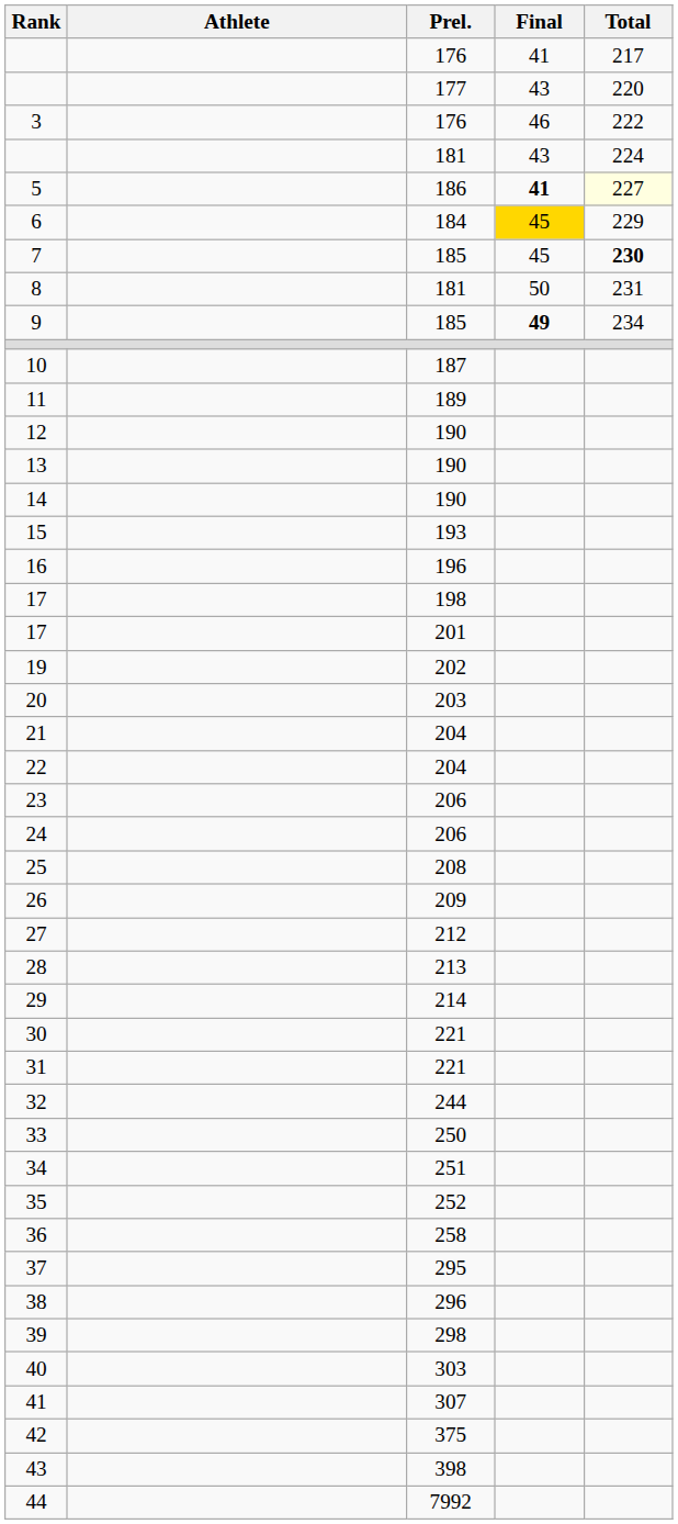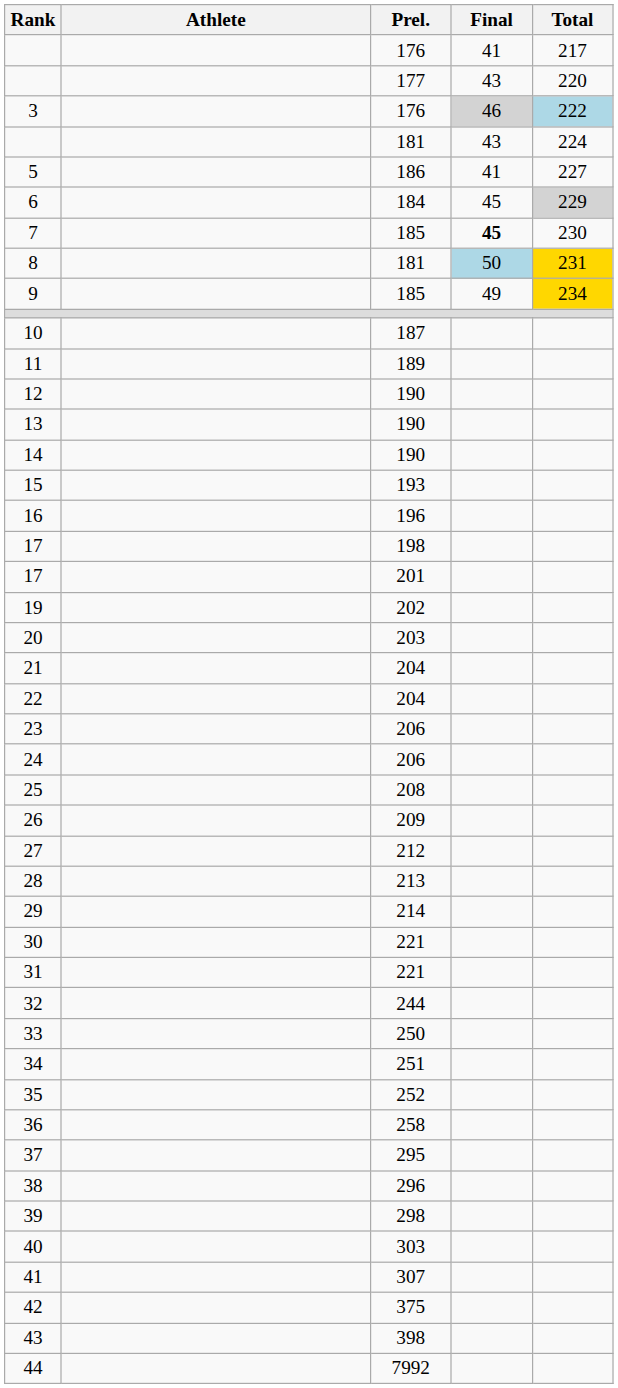 <table class=wikitable style="text-align:center">
 <tr>
 <th width=40>Rank</th>
 <th width=250>Athlete</th>
 <th width=60>Prel.</th>
 <th width=60>Final</th>
 <th width=60>Total</th>
 </tr>
 <tr>
 <td></td>
 <td align=left></td>
 <td>176</td>
 <td>41</td>
 <td>217</td>
 </tr>
 <tr>
 <td></td>
 <td align=left></td>
 <td>177</td>
 <td>43</td>
 <td>220</td>
 </tr>
 <tr>
 <td>3</td>
 <td align=left></td>
 <td>176</td>
-<td>46</td>
-<td>222</td>
+<td style="background: lightgrey;">46</td>
+<td style="background: lightblue;">222</td>
 </tr>
 <tr>
 <td></td>
 <td align=left></td>
 <td>181</td>
 <td>43</td>
 <td>224</td>
 </tr>
 <tr>
 <td>5</td>
 <td align=left></td>
 <td>186</td>
-<td><strong>41</strong></td>
-<td style="background: lightyellow;">227</td>
+<td>41</td>
+<td>227</td>
 </tr>
 <tr>
 <td>6</td>
 <td align=left></td>
 <td>184</td>
-<td style="background: gold;">45</td>
-<td>229</td>
+<td>45</td>
+<td style="background: lightgrey;">229</td>
 </tr>
 <tr>
 <td>7</td>
 <td align=left></td>
 <td>185</td>
-<td>45</td>
-<td><strong>230</strong></td>
+<td><strong>45</strong></td>
+<td>230</td>
 </tr>
 <tr>
 <td>8</td>
 <td align=left></td>
 <td>181</td>
-<td>50</td>
-<td>231</td>
+<td style="background: lightblue;">50</td>
+<td style="background: gold;">231</td>
 </tr>
 <tr>
 <td>9</td>
 <td align=left></td>
 <td>185</td>
-<td><strong>49</strong></td>
-<td>234</td>
+<td>49</td>
+<td style="background: gold;">234</td>
 </tr>
 <tr bgcolor=#DDDDDD>
 <td colspan=5></td>
 </tr>
 <tr>
 <td>10</td>
 <td align=left></td>
 <td>187</td>
 <td></td>
 <td></td>
 </tr>
 <tr>
 <td>11</td>
 <td align=left></td>
 <td>189</td>
 <td></td>
 <td></td>
 </tr>
 <tr>
 <td>12</td>
 <td align=left></td>
 <td>190</td>
 <td></td>
 <td></td>
 </tr>
 <tr>
 <td>13</td>
 <td align=left></td>
 <td>190</td>
 <td></td>
 <td></td>
 </tr>
 <tr>
 <td>14</td>
 <td align=left></td>
 <td>190</td>
 <td></td>
 <td></td>
 </tr>
 <tr>
 <td>15</td>
 <td align=left></td>
 <td>193</td>
 <td></td>
 <td></td>
 </tr>
 <tr>
 <td>16</td>
 <td align=left></td>
 <td>196</td>
 <td></td>
 <td></td>
 </tr>
 <tr>
 <td>17</td>
 <td align=left></td>
 <td>198</td>
 <td></td>
 <td></td>
 </tr>
 <tr>
 <td>17</td>
 <td align=left></td>
 <td>201</td>
 <td></td>
 <td></td>
 </tr>
 <tr>
 <td>19</td>
 <td align=left></td>
 <td>202</td>
 <td></td>
 <td></td>
 </tr>
 <tr>
 <td>20</td>
 <td align=left></td>
 <td>203</td>
 <td></td>
 <td></td>
 </tr>
 <tr>
 <td>21</td>
 <td align=left></td>
 <td>204</td>
 <td></td>
 <td></td>
 </tr>
 <tr>
 <td>22</td>
 <td align=left></td>
 <td>204</td>
 <td></td>
 <td></td>
 </tr>
 <tr>
 <td>23</td>
 <td align=left></td>
 <td>206</td>
 <td></td>
 <td></td>
 </tr>
 <tr>
 <td>24</td>
 <td align=left></td>
 <td>206</td>
 <td></td>
 <td></td>
 </tr>
 <tr>
 <td>25</td>
 <td align=left></td>
 <td>208</td>
 <td></td>
 <td></td>
 </tr>
 <tr>
 <td>26</td>
 <td align=left></td>
 <td>209</td>
 <td></td>
 <td></td>
 </tr>
 <tr>
 <td>27</td>
 <td align=left></td>
 <td>212</td>
 <td></td>
 <td></td>
 </tr>
 <tr>
 <td>28</td>
 <td align=left></td>
 <td>213</td>
 <td></td>
 <td></td>
 </tr>
 <tr>
 <td>29</td>
 <td align=left></td>
 <td>214</td>
 <td></td>
 <td></td>
 </tr>
 <tr>
 <td>30</td>
 <td align=left></td>
 <td>221</td>
 <td></td>
 <td></td>
 </tr>
 <tr>
 <td>31</td>
 <td align=left></td>
 <td>221</td>
 <td></td>
 <td></td>
 </tr>
 <tr>
 <td>32</td>
 <td align=left></td>
 <td>244</td>
 <td></td>
 <td></td>
 </tr>
 <tr>
 <td>33</td>
 <td align=left></td>
 <td>250</td>
 <td></td>
 <td></td>
 </tr>
 <tr>
 <td>34</td>
 <td align=left></td>
 <td>251</td>
 <td></td>
 <td></td>
 </tr>
 <tr>
 <td>35</td>
 <td align=left></td>
 <td>252</td>
 <td></td>
 <td></td>
 </tr>
 <tr>
 <td>36</td>
 <td align=left></td>
 <td>258</td>
 <td></td>
 <td></td>
 </tr>
 <tr>
 <td>37</td>
 <td align=left></td>
 <td>295</td>
 <td></td>
 <td></td>
 </tr>
 <tr>
 <td>38</td>
 <td align=left></td>
 <td>296</td>
 <td></td>
 <td></td>
 </tr>
 <tr>
 <td>39</td>
 <td align=left></td>
 <td>298</td>
 <td></td>
 <td></td>
 </tr>
 <tr>
 <td>40</td>
 <td align=left></td>
 <td>303</td>
 <td></td>
 <td></td>
 </tr>
 <tr>
 <td>41</td>
 <td align=left></td>
 <td>307</td>
 <td></td>
 <td></td>
 </tr>
 <tr>
 <td>42</td>
 <td align=left></td>
 <td>375</td>
 <td></td>
 <td></td>
 </tr>
 <tr>
 <td>43</td>
 <td align=left></td>
 <td>398</td>
 <td></td>
 <td></td>
 </tr>
 <tr>
 <td>44</td>
 <td align=left></td>
 <td>7992</td>
 <td></td>
 <td></td>
 </tr>
 </table>
